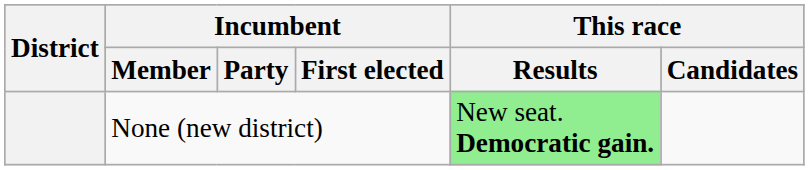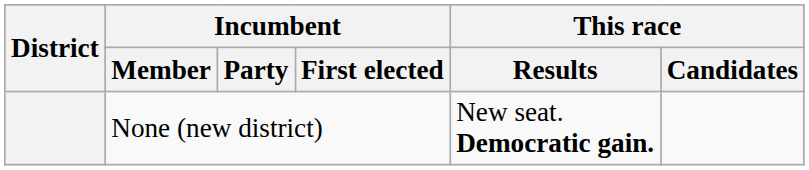 <table class=wikitable>
 <tr>
 <th rowspan=2>District</th>
 <th colspan=3>Incumbent</th>
 <th colspan=2>This race</th>
 </tr>
 <tr>
 <th>Member</th>
 <th>Party</th>
 <th>First elected</th>
 <th>Results</th>
 <th>Candidates</th>
 </tr>
 <tr>
 <th></th>
 <td colspan=3>None (new district)</td>
-<td style="background: lightgreen;">New seat.<br><strong>Democratic gain.</strong></td>
+<td>New seat.<br><strong>Democratic gain.</strong></td>
 <td nowrap></td>
 </tr>
 </table>
